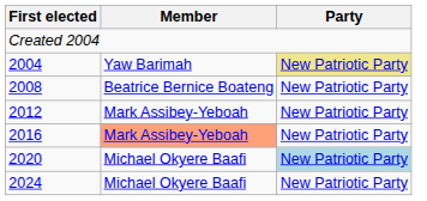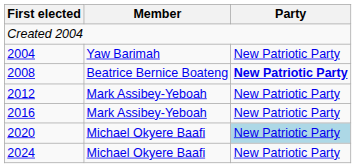 <table class="wikitable">
 <tr>
 <th>First elected</th>
 <th>Member</th>
 <th>Party</th>
 </tr>
 <tr>
 <td colspan=3><em>Created 2004</em></td>
 </tr>
 <tr>
 <td><a href='#'>2004</a></td>
 <td><a href='#'>Yaw Barimah</a></td>
-<td style="background: khaki;"><a href='#'>New Patriotic Party</a></td>
+<td><a href='#'>New Patriotic Party</a></td>
 </tr>
 <tr>
 <td><a href='#'>2008</a></td>
 <td><a href='#'>Beatrice Bernice Boateng</a></td>
-<td><a href='#'>New Patriotic Party</a></td>
+<td><strong><a href='#'>New Patriotic Party</a></strong></td>
 </tr>
 <tr>
 <td><a href='#'>2012</a></td>
 <td><a href='#'>Mark Assibey-Yeboah</a></td>
 <td><a href='#'>New Patriotic Party</a></td>
 </tr>
 <tr>
 <td><a href='#'>2016</a></td>
-<td style="background: lightsalmon;"><a href='#'>Mark Assibey-Yeboah</a></td>
+<td><a href='#'>Mark Assibey-Yeboah</a></td>
 <td><a href='#'>New Patriotic Party</a></td>
 </tr>
 <tr>
 <td><a href='#'>2020</a></td>
 <td><a href='#'>Michael Okyere Baafi</a></td>
 <td style="background: lightblue;"><a href='#'>New Patriotic Party</a></td>
 </tr>
 <tr>
 <td><a href='#'>2024</a></td>
 <td><a href='#'>Michael Okyere Baafi</a></td>
 <td><a href='#'>New Patriotic Party</a></td>
 </tr>
 </table>
